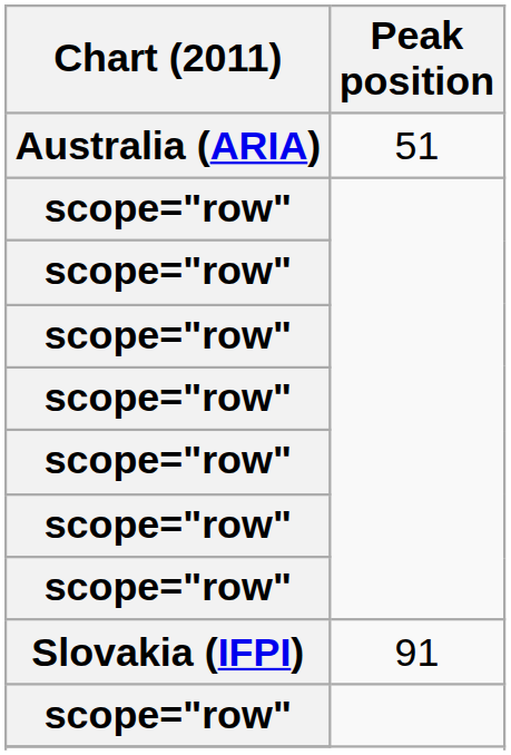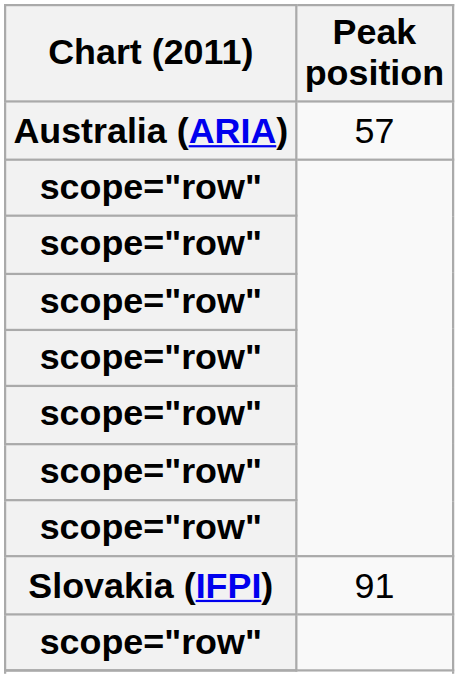 <table class="wikitable sortable plainrowheaders" style="text-align:left">
 <tr>
 <th scope="col">Chart (2011)</th>
 <th scope="col">Peak<br> position</th>
 </tr>
 <tr>
 <th scope="row">Australia (<a href='#'>ARIA</a>)</th>
-<td style="text-align:center;">51</td>
+<td style="text-align:center;">57</td>
 </tr>
 <tr>
 <th>scope="row"</th>
 </tr>
 <tr>
 <th>scope="row"</th>
 </tr>
 <tr>
 <th>scope="row"</th>
 </tr>
 <tr>
 <th>scope="row"</th>
 </tr>
 <tr>
 <th>scope="row"</th>
 </tr>
 <tr>
 <th>scope="row"</th>
 </tr>
 <tr>
 <th>scope="row"</th>
 </tr>
 <tr>
 <th scope="row">Slovakia (<a href='#'>IFPI</a>)</th>
 <td style="text-align:center;">91</td>
 </tr>
 <tr>
 <th>scope="row"</th>
 </tr>
 <tr>
 </tr>
 <tr>
 </tr>
 <tr>
 </tr>
 <tr>
 </tr>
 <tr>
 </tr>
 </table>
